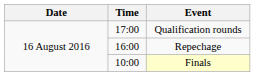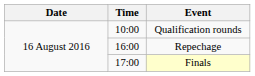 <table class = "wikitable" style="text-align:center;">
 <tr>
 <th width=150>Date</th>
 <th width=50>Time</th>
 <th width=150>Event</th>
 </tr>
 <tr>
 <td rowspan=3>16 August 2016</td>
-<td>17:00</td>
+<td>10:00</td>
 <td>Qualification rounds</td>
 </tr>
 <tr>
 <td>16:00</td>
 <td>Repechage</td>
 </tr>
 <tr>
-<td>10:00</td>
+<td>17:00</td>
 <td bgcolor=ffffcc>Finals</td>
 </tr>
 </table>
